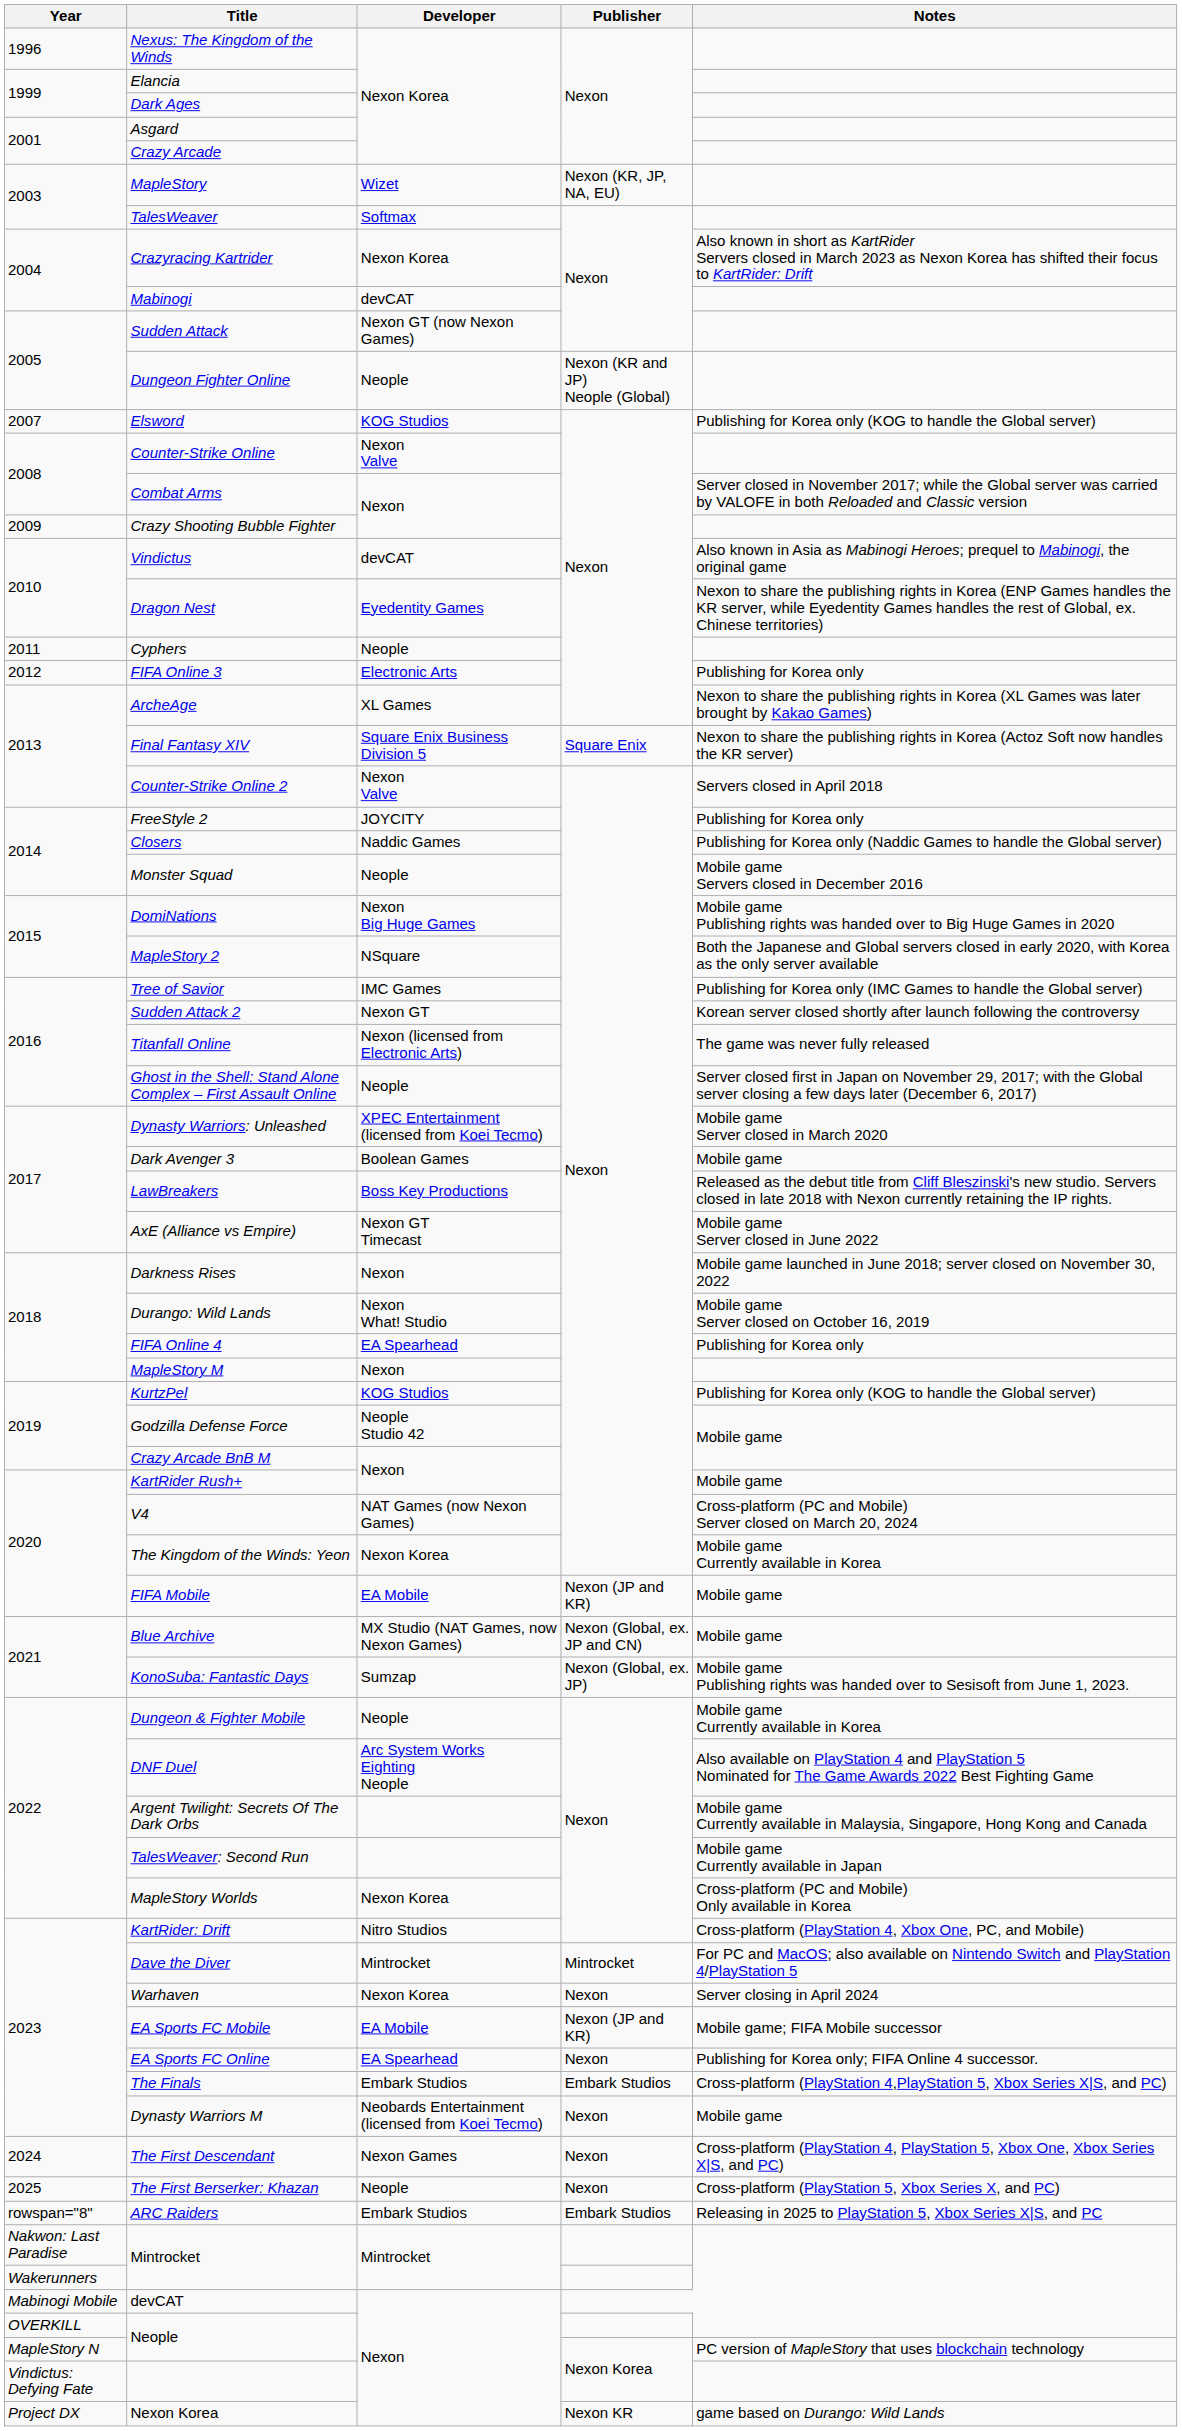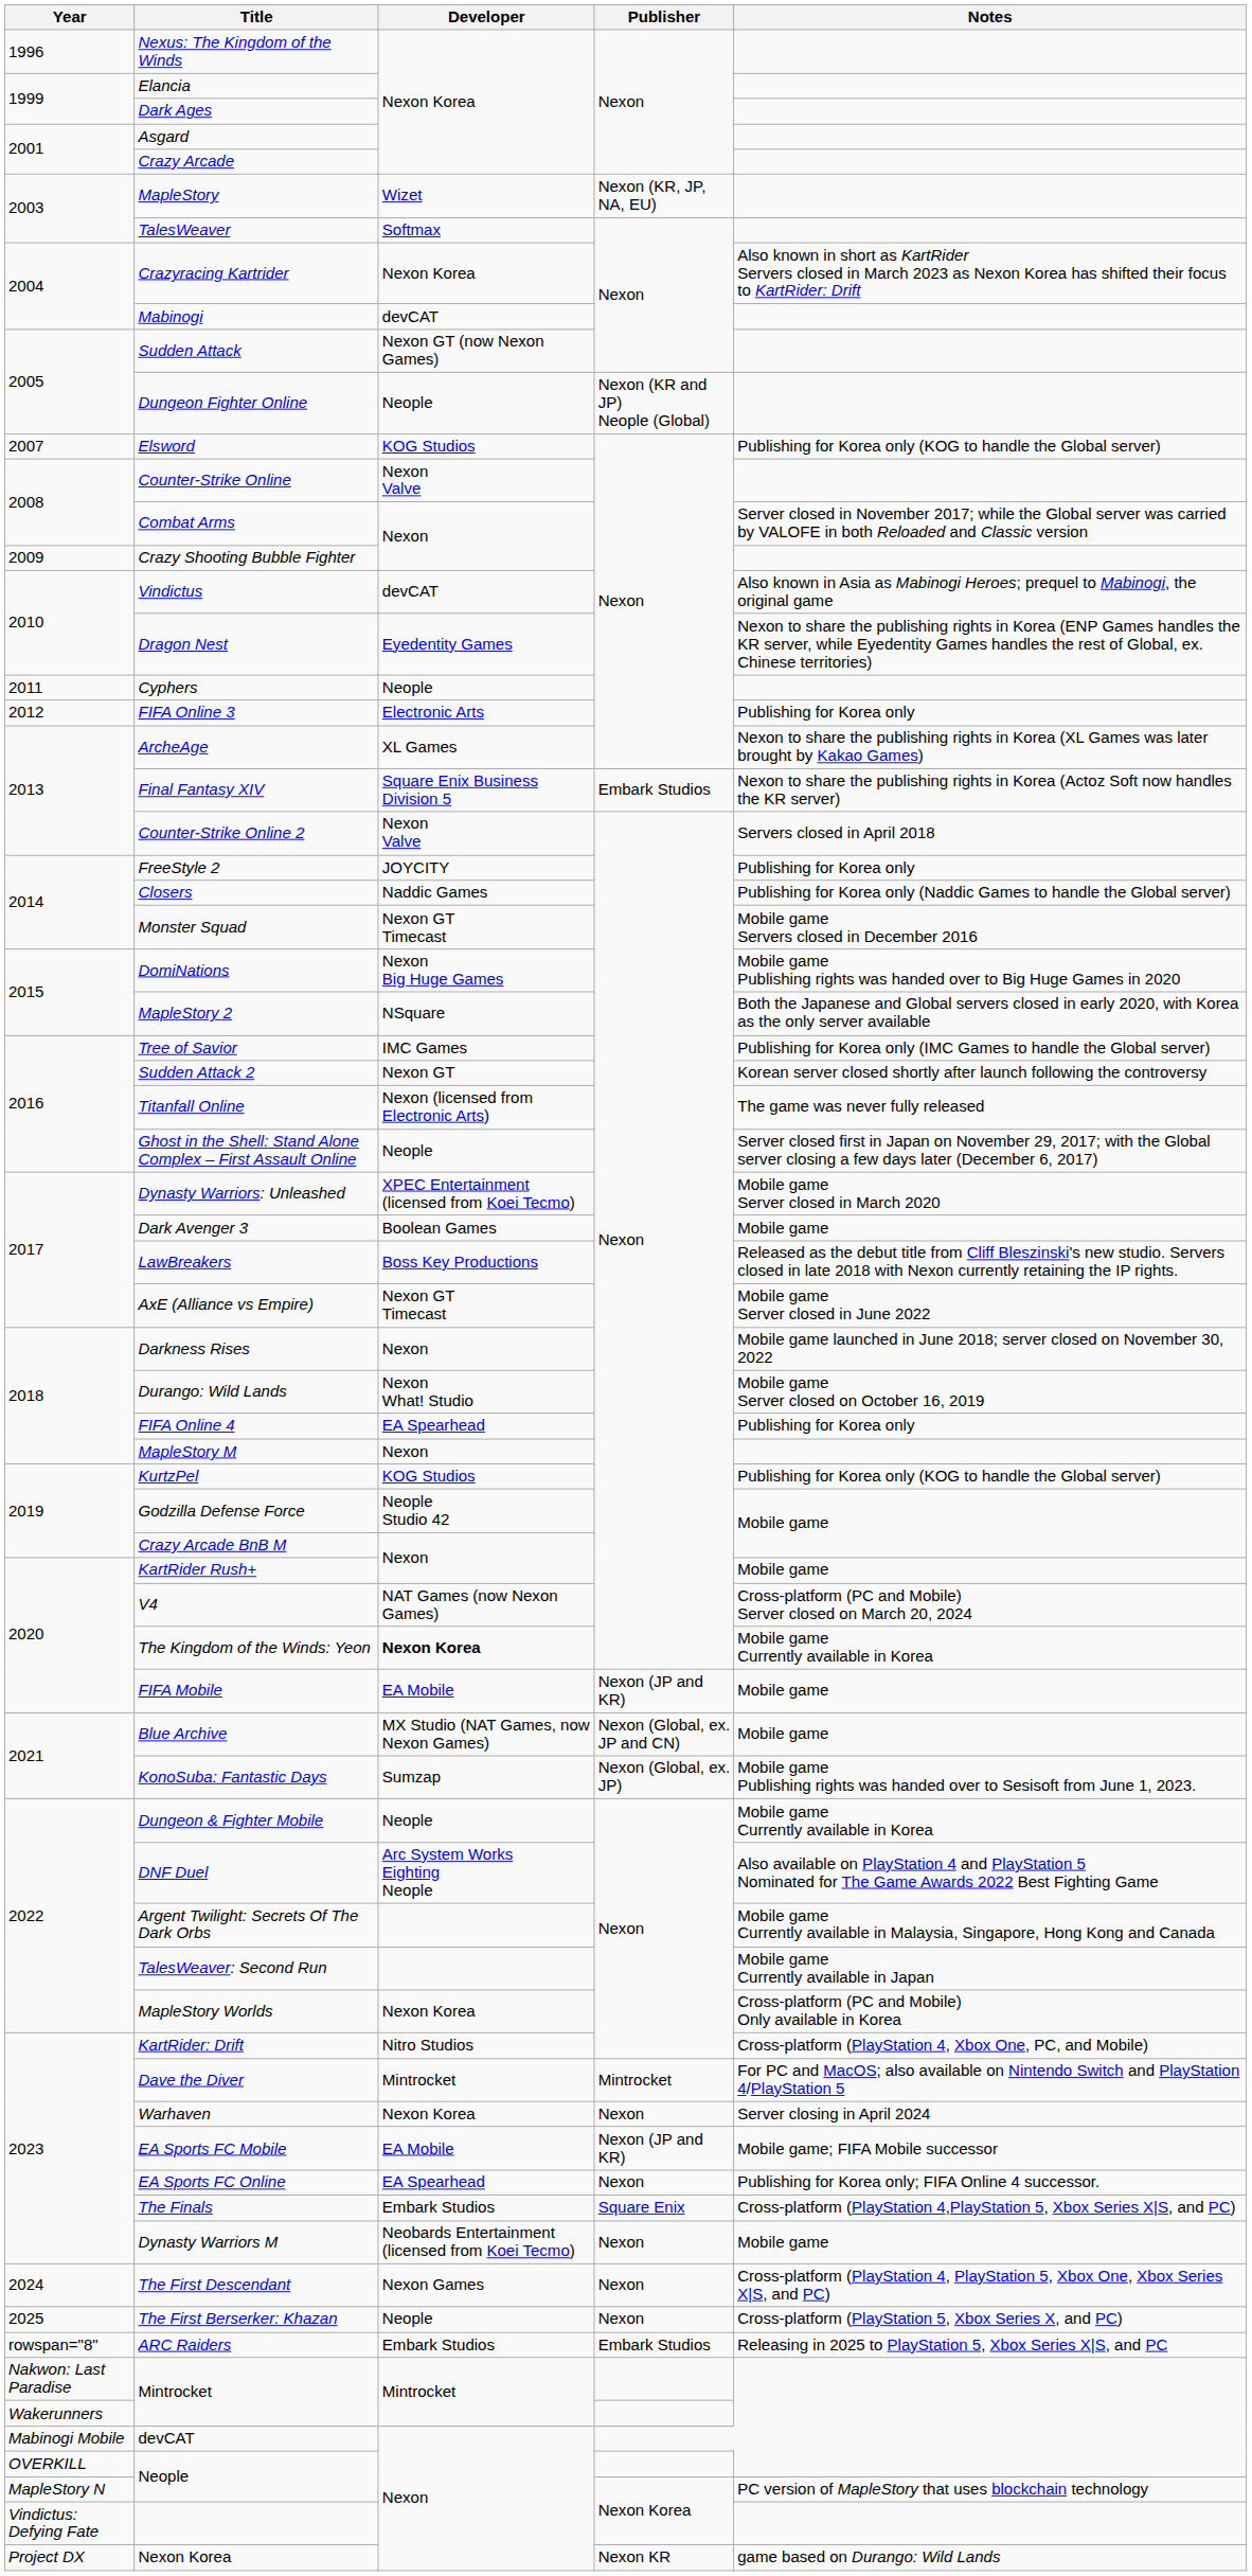 <table class="wikitable sortable">
 <tr>
 <th scope="col">Year</th>
 <th scope="col">Title</th>
 <th scope="col">Developer</th>
 <th scope="col">Publisher</th>
 <th scope="col">Notes</th>
 </tr>
 <tr>
 <td>1996</td>
 <td><em><a href='#'>Nexus: The Kingdom of the Winds</a></em></td>
 <td rowspan="5">Nexon Korea</td>
 <td rowspan="5">Nexon</td>
 <td></td>
 </tr>
 <tr>
 <td rowspan="2">1999</td>
 <td><em>Elancia</em></td>
 <td></td>
 </tr>
 <tr>
 <td><em><a href='#'>Dark Ages</a></em></td>
 <td></td>
 </tr>
 <tr>
 <td rowspan="2">2001</td>
 <td><em>Asgard</em></td>
 <td></td>
 </tr>
 <tr>
 <td><em><a href='#'>Crazy Arcade</a></em></td>
 <td></td>
 </tr>
 <tr>
 <td rowspan="2">2003</td>
 <td><em><a href='#'>MapleStory</a></em></td>
 <td><a href='#'>Wizet</a></td>
 <td>Nexon (KR, JP, NA, EU)</td>
 <td></td>
 </tr>
 <tr>
 <td><em><a href='#'>TalesWeaver</a></em></td>
 <td><a href='#'>Softmax</a></td>
 <td rowspan="4">Nexon</td>
 <td></td>
 </tr>
 <tr>
 <td rowspan="2">2004</td>
 <td><em><a href='#'>Crazyracing Kartrider</a></em></td>
 <td>Nexon Korea</td>
 <td>Also known in short as <em>KartRider</em> <br>Servers closed in March 2023 as Nexon Korea has shifted their focus to <em><a href='#'>KartRider: Drift</a></em></td>
 </tr>
 <tr>
 <td><em><a href='#'>Mabinogi</a></em></td>
 <td>devCAT</td>
 <td></td>
 </tr>
 <tr>
 <td rowspan="2">2005</td>
 <td><em><a href='#'>Sudden Attack</a></em></td>
 <td>Nexon GT (now Nexon Games)</td>
 <td></td>
 </tr>
 <tr>
 <td><em><a href='#'>Dungeon Fighter Online</a></em></td>
 <td>Neople</td>
 <td>Nexon (KR and JP)<br>Neople (Global)</td>
 <td></td>
 </tr>
 <tr>
 <td>2007</td>
 <td><em><a href='#'>Elsword</a></em></td>
 <td><a href='#'>KOG Studios</a></td>
 <td rowspan="9">Nexon</td>
 <td>Publishing for Korea only (KOG to handle the Global server)</td>
 </tr>
 <tr>
 <td rowspan="2">2008</td>
 <td><em><a href='#'>Counter-Strike Online</a></em></td>
 <td>Nexon <br><a href='#'>Valve</a></td>
 <td></td>
 </tr>
 <tr>
 <td><em><a href='#'>Combat Arms</a></em></td>
 <td rowspan="2">Nexon</td>
 <td>Server closed in November 2017; while the Global server was carried by VALOFE in both <em>Reloaded</em> and <em>Classic</em> version</td>
 </tr>
 <tr>
 <td>2009</td>
 <td><em>Crazy Shooting Bubble Fighter</em></td>
 <td></td>
 </tr>
 <tr>
 <td rowspan="2">2010</td>
 <td><em><a href='#'>Vindictus</a></em></td>
 <td>devCAT</td>
 <td>Also known in Asia as <em>Mabinogi Heroes</em>; prequel to <em><a href='#'>Mabinogi</a></em>, the original game</td>
 </tr>
 <tr>
 <td><em><a href='#'>Dragon Nest</a></em></td>
 <td><a href='#'>Eyedentity Games</a></td>
 <td>Nexon to share the publishing rights in Korea (ENP Games handles the KR server, while Eyedentity Games handles the rest of Global, ex. Chinese territories)</td>
 </tr>
 <tr>
 <td>2011</td>
 <td><em>Cyphers</em></td>
 <td>Neople</td>
 <td></td>
 </tr>
 <tr>
 <td>2012</td>
 <td><em><a href='#'>FIFA Online 3</a></em></td>
 <td><a href='#'>Electronic Arts</a></td>
 <td>Publishing for Korea only</td>
 </tr>
 <tr>
 <td rowspan="3">2013</td>
 <td><em><a href='#'>ArcheAge</a></em></td>
 <td>XL Games</td>
 <td>Nexon to share the publishing rights in Korea (XL Games was later brought by <a href='#'>Kakao Games</a>)</td>
 </tr>
 <tr>
 <td><em><a href='#'>Final Fantasy XIV</a></em></td>
 <td><a href='#'>Square Enix Business Division 5</a></td>
-<td><a href='#'>Square Enix</a></td>
+<td>Embark Studios</td>
 <td>Nexon to share the publishing rights in Korea (Actoz Soft now handles the KR server)</td>
 </tr>
 <tr>
 <td><em><a href='#'>Counter-Strike Online 2</a></em></td>
 <td>Nexon <br><a href='#'>Valve</a></td>
 <td rowspan="24">Nexon</td>
 <td>Servers closed in April 2018</td>
 </tr>
 <tr>
 <td rowspan="3">2014</td>
 <td><em>FreeStyle 2</em></td>
 <td>JOYCITY</td>
 <td>Publishing for Korea only</td>
 </tr>
 <tr>
 <td><em><a href='#'>Closers</a></em></td>
 <td>Naddic Games</td>
 <td>Publishing for Korea only (Naddic Games to handle the Global server)</td>
 </tr>
 <tr>
 <td><em>Monster Squad</em></td>
-<td>Neople</td>
+<td>Nexon GT <br>Timecast</td>
 <td>Mobile game <br>Servers closed in December 2016</td>
 </tr>
 <tr>
 <td rowspan="2">2015</td>
 <td><em><a href='#'>DomiNations</a></em></td>
 <td>Nexon <br><a href='#'>Big Huge Games</a></td>
 <td>Mobile game <br>Publishing rights was handed over to Big Huge Games in 2020</td>
 </tr>
 <tr>
 <td><em><a href='#'>MapleStory 2</a></em></td>
 <td>NSquare</td>
 <td>Both the Japanese and Global servers closed in early 2020, with Korea as the only server available</td>
 </tr>
 <tr>
 <td rowspan="4">2016</td>
 <td><em><a href='#'>Tree of Savior</a></em></td>
 <td>IMC Games</td>
 <td>Publishing for Korea only (IMC Games to handle the Global server)</td>
 </tr>
 <tr>
 <td><em><a href='#'>Sudden Attack 2</a></em></td>
 <td>Nexon GT</td>
 <td>Korean server closed shortly after launch following the controversy</td>
 </tr>
 <tr>
 <td><em><a href='#'>Titanfall Online</a></em></td>
 <td>Nexon (licensed from <a href='#'>Electronic Arts</a>)</td>
 <td>The game was never fully released</td>
 </tr>
 <tr>
 <td><em><a href='#'>Ghost in the Shell: Stand Alone Complex – First Assault Online</a></em></td>
 <td>Neople</td>
 <td>Server closed first in Japan on November 29, 2017; with the Global server closing a few days later (December 6, 2017)</td>
 </tr>
 <tr>
 <td rowspan="4">2017</td>
 <td><em><a href='#'>Dynasty Warriors</a>: Unleashed</em></td>
 <td><a href='#'>XPEC Entertainment</a> (licensed from <a href='#'>Koei Tecmo</a>)</td>
 <td>Mobile game <br>Server closed in March 2020</td>
 </tr>
 <tr>
 <td><em>Dark Avenger 3</em></td>
 <td>Boolean Games</td>
 <td>Mobile game</td>
 </tr>
 <tr>
 <td><em><a href='#'>LawBreakers</a></em></td>
 <td><a href='#'>Boss Key Productions</a></td>
 <td>Released as the debut title from <a href='#'>Cliff Bleszinski</a>'s new studio. Servers closed in late 2018 with Nexon currently retaining the IP rights.</td>
 </tr>
 <tr>
 <td><em>AxE (Alliance vs Empire)</em></td>
 <td>Nexon GT <br>Timecast</td>
 <td>Mobile game<br>Server closed in June 2022</td>
 </tr>
 <tr>
 <td rowspan="4">2018</td>
 <td><em>Darkness Rises</em></td>
 <td>Nexon</td>
 <td>Mobile game launched in June 2018; server closed on November 30, 2022</td>
 </tr>
 <tr>
 <td><em>Durango: Wild Lands</em></td>
 <td>Nexon <br>What! Studio</td>
 <td>Mobile game <br>Server closed on October 16, 2019</td>
 </tr>
 <tr>
 <td><em><a href='#'>FIFA Online 4</a></em></td>
 <td><a href='#'>EA Spearhead</a></td>
 <td>Publishing for Korea only</td>
 </tr>
 <tr>
 <td><em><a href='#'>MapleStory M</a></em></td>
 <td>Nexon</td>
 <td></td>
 </tr>
 <tr>
 <td rowspan="3">2019</td>
 <td><em><a href='#'>KurtzPel</a></em></td>
 <td><a href='#'>KOG Studios</a></td>
 <td>Publishing for Korea only (KOG to handle the Global server)</td>
 </tr>
 <tr>
 <td><em>Godzilla Defense Force</em></td>
 <td>Neople <br>Studio 42</td>
 <td rowspan="2">Mobile game</td>
 </tr>
 <tr>
 <td><em><a href='#'>Crazy Arcade BnB M</a></em></td>
 <td rowspan="2">Nexon</td>
 </tr>
 <tr>
 <td rowspan="4">2020</td>
 <td><a href='#'><em>KartRider Rush+</em></a></td>
 <td>Mobile game</td>
 </tr>
 <tr>
 <td><em>V4</em></td>
 <td>NAT Games (now Nexon Games)</td>
 <td>Cross-platform (PC and Mobile) <br>Server closed on March 20, 2024</td>
 </tr>
 <tr>
 <td><em>The Kingdom of the Winds: Yeon</em></td>
-<td>Nexon Korea</td>
+<td><strong>Nexon Korea</strong></td>
 <td>Mobile game <br>Currently available in Korea</td>
 </tr>
 <tr>
 <td><em><a href='#'>FIFA Mobile</a></em></td>
 <td><a href='#'>EA Mobile</a></td>
 <td>Nexon (JP and KR)</td>
 <td>Mobile game</td>
 </tr>
 <tr>
 <td rowspan="2">2021</td>
 <td><em><a href='#'>Blue Archive</a></em></td>
 <td>MX Studio (NAT Games, now Nexon Games)</td>
 <td>Nexon (Global, ex. JP and CN)</td>
 <td>Mobile game</td>
 </tr>
 <tr>
 <td><em><a href='#'>KonoSuba: Fantastic Days</a></em></td>
 <td>Sumzap</td>
 <td>Nexon (Global, ex. JP)</td>
 <td>Mobile game <br>Publishing rights was handed over to Sesisoft from June 1, 2023.</td>
 </tr>
 <tr>
 <td rowspan="5">2022</td>
 <td><em><a href='#'>Dungeon & Fighter Mobile</a></em></td>
 <td>Neople</td>
 <td rowspan="6">Nexon</td>
 <td>Mobile game <br>Currently available in Korea</td>
 </tr>
 <tr>
 <td><em><a href='#'>DNF Duel</a></em></td>
 <td><a href='#'>Arc System Works</a> <br><a href='#'>Eighting</a> <br>Neople</td>
 <td>Also available on <a href='#'>PlayStation 4</a> and <a href='#'>PlayStation 5</a> <br>Nominated for <a href='#'>The Game Awards 2022</a> Best Fighting Game</td>
 </tr>
 <tr>
 <td><em>Argent Twilight: Secrets Of The Dark Orbs</em></td>
 <td></td>
 <td>Mobile game <br>Currently available in Malaysia, Singapore, Hong Kong and Canada</td>
 </tr>
 <tr>
 <td><em><a href='#'>TalesWeaver</a>: Second Run</em></td>
 <td></td>
 <td>Mobile game <br>Currently available in Japan</td>
 </tr>
 <tr>
 <td><em>MapleStory Worlds</em></td>
 <td>Nexon Korea</td>
 <td>Cross-platform (PC and Mobile) <br>Only available in Korea</td>
 </tr>
 <tr>
 <td rowspan="7">2023</td>
 <td><em><a href='#'>KartRider: Drift</a></em></td>
 <td>Nitro Studios</td>
 <td>Cross-platform (<a href='#'>PlayStation 4</a>, <a href='#'>Xbox One</a>, PC, and Mobile)</td>
 </tr>
 <tr>
 <td><em><a href='#'>Dave the Diver</a></em></td>
 <td>Mintrocket</td>
 <td>Mintrocket</td>
 <td>For PC and <a href='#'>MacOS</a>; also available on <a href='#'>Nintendo Switch</a> and <a href='#'>PlayStation 4</a>/<a href='#'>PlayStation 5</a></td>
 </tr>
 <tr>
 <td><em>Warhaven</em></td>
 <td>Nexon Korea</td>
 <td>Nexon</td>
 <td>Server closing in April 2024</td>
 </tr>
 <tr>
 <td><em><a href='#'>EA Sports FC Mobile</a></em></td>
 <td><a href='#'>EA Mobile</a></td>
 <td>Nexon (JP and KR)</td>
 <td>Mobile game; FIFA Mobile successor</td>
 </tr>
 <tr>
 <td><em><a href='#'>EA Sports FC Online</a></em></td>
 <td><a href='#'>EA Spearhead</a></td>
 <td>Nexon</td>
 <td>Publishing for Korea only; FIFA Online 4 successor.</td>
 </tr>
 <tr>
 <td><em><a href='#'>The Finals</a></em></td>
 <td>Embark Studios</td>
-<td>Embark Studios</td>
+<td><a href='#'>Square Enix</a></td>
 <td>Cross-platform (<a href='#'>PlayStation 4</a>,<a href='#'>PlayStation 5</a>, <a href='#'>Xbox Series X|S</a>, and <a href='#'>PC</a>)</td>
 </tr>
 <tr>
 <td><em>Dynasty Warriors M</em></td>
 <td>Neobards Entertainment (licensed from <a href='#'>Koei Tecmo</a>)</td>
 <td>Nexon</td>
 <td>Mobile game</td>
 </tr>
 <tr>
 <td>2024</td>
 <td><em><a href='#'>The First Descendant</a></em></td>
 <td rowspan="1">Nexon Games</td>
 <td>Nexon</td>
 <td>Cross-platform (<a href='#'>PlayStation 4</a>, <a href='#'>PlayStation 5</a>, <a href='#'>Xbox One</a>, <a href='#'>Xbox Series X|S</a>, and <a href='#'>PC</a>)</td>
 </tr>
 <tr>
 <td>2025</td>
 <td><em><a href='#'>The First Berserker: Khazan</a></em></td>
 <td>Neople</td>
 <td>Nexon</td>
 <td>Cross-platform (<a href='#'>PlayStation 5</a>, <a href='#'>Xbox Series X</a>, and <a href='#'>PC</a>)</td>
 </tr>
 <tr>
 <td>rowspan="8" </td>
 <td><em><a href='#'>ARC Raiders</a></em></td>
 <td>Embark Studios</td>
 <td>Embark Studios</td>
 <td>Releasing in 2025 to <a href='#'>PlayStation 5</a>, <a href='#'>Xbox Series X|S</a>, and <a href='#'>PC</a></td>
 </tr>
 <tr>
 <td><em>Nakwon: Last Paradise</em></td>
 <td rowspan="2">Mintrocket</td>
 <td rowspan="2">Mintrocket</td>
 <td></td>
 </tr>
 <tr>
 <td><em>Wakerunners</em></td>
 <td></td>
 </tr>
 <tr>
 <td><em>Mabinogi Mobile</em></td>
 <td>devCAT</td>
 <td rowspan="5">Nexon</td>
 </tr>
 <tr>
 <td><em>OVERKILL</em></td>
 <td rowspan="2">Neople</td>
 <td></td>
 </tr>
 <tr>
 <td><em>MapleStory N</em></td>
 <td rowspan="2">Nexon Korea</td>
 <td>PC version of <em>MapleStory</em> that uses <a href='#'>blockchain</a> technology</td>
 </tr>
 <tr>
 <td><em>Vindictus: Defying Fate</em></td>
 <td></td>
 </tr>
 <tr>
 <td><em>Project DX</em></td>
 <td>Nexon Korea</td>
 <td>Nexon KR</td>
 <td>game based on <em>Durango: Wild Lands</em></td>
 </tr>
 </table>
